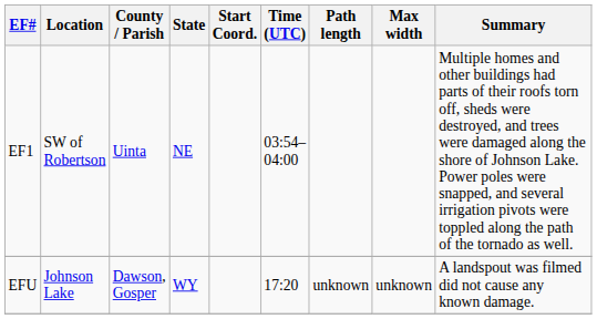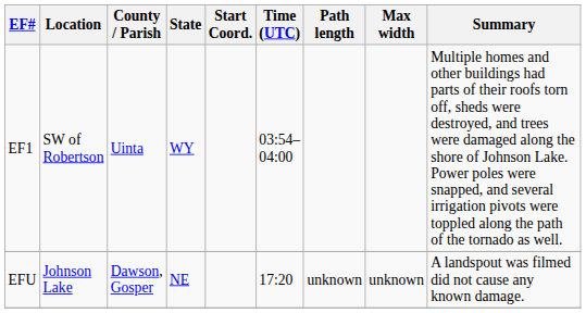 <table class="wikitable sortable" style="width:100%;">
 <tr>
 <th scope="col" style="width:3%; text-align:center;"><a href='#'>EF#</a></th>
 <th scope="col" style="width:7%; text-align:center;" class="unsortable">Location</th>
 <th scope="col" style="width:6%; text-align:center;" class="unsortable">County / Parish</th>
 <th scope="col" style="width:5%; text-align:center;">State</th>
 <th scope="col" style="width:6%; text-align:center;">Start Coord.</th>
 <th scope="col" style="width:6%; text-align:center;">Time (<a href='#'>UTC</a>)</th>
 <th scope="col" style="width:6%; text-align:center;">Path length</th>
 <th scope="col" style="width:6%; text-align:center;">Max width</th>
 <th scope="col" class="unsortable" style="width:48%; text-align:center;">Summary</th>
 </tr>
 <tr>
 <td>EF1</td>
 <td>SW of <a href='#'>Robertson</a></td>
 <td><a href='#'>Uinta</a></td>
-<td><a href='#'>NE</a></td>
+<td><a href='#'>WY</a></td>
 <td></td>
 <td>03:54–04:00</td>
 <td></td>
 <td></td>
 <td>Multiple homes and other buildings had parts of their roofs torn off, sheds were destroyed, and trees were damaged along the shore of Johnson Lake. Power poles were snapped, and several irrigation pivots were toppled along the path of the tornado as well.</td>
 </tr>
 <tr>
 </tr>
 <tr>
 <td>EFU</td>
 <td><a href='#'>Johnson Lake</a></td>
 <td><a href='#'>Dawson</a>, <a href='#'>Gosper</a></td>
-<td><a href='#'>WY</a></td>
+<td><a href='#'>NE</a></td>
 <td></td>
 <td>17:20</td>
 <td>unknown</td>
 <td>unknown</td>
 <td>A landspout was filmed did not cause any known damage.</td>
 </tr>
 <tr>
 </tr>
 </table>
